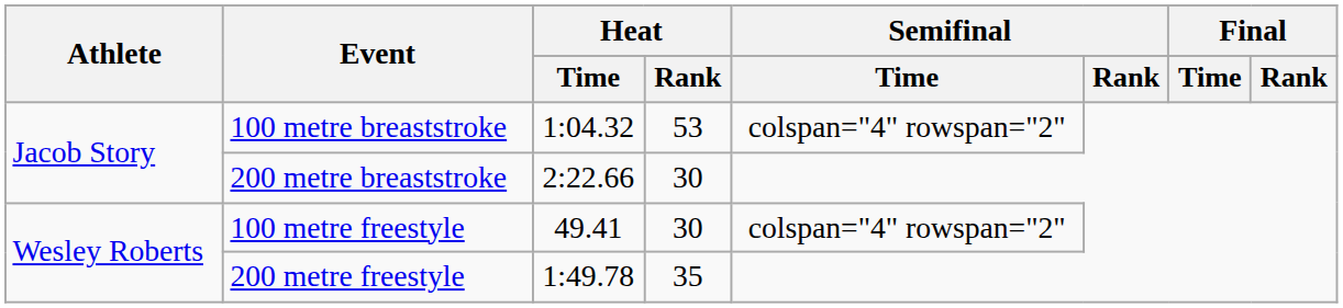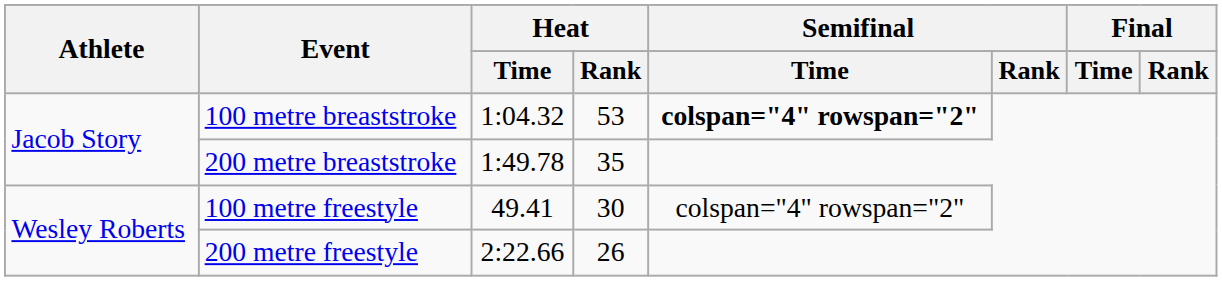 <table class="wikitable" style="text-align:center; font-size:90%; width:50%;">
 <tr>
 <th rowspan="2">Athlete</th>
 <th rowspan="2">Event</th>
 <th colspan="2">Heat</th>
 <th colspan="2">Semifinal</th>
 <th colspan="2">Final</th>
 </tr>
 <tr style="font-size:95%">
 <th>Time</th>
 <th>Rank</th>
 <th>Time</th>
 <th>Rank</th>
 <th>Time</th>
 <th>Rank</th>
 </tr>
 <tr>
 <td align=left rowspan=2><a href='#'>Jacob Story</a></td>
 <td align=left><a href='#'>100 metre breaststroke</a></td>
 <td>1:04.32</td>
 <td>53</td>
-<td>colspan="4" rowspan="2"  </td>
+<td><strong>colspan="4" rowspan="2"  </strong></td>
 </tr>
 <tr>
 <td align=left><a href='#'>200 metre breaststroke</a></td>
-<td>2:22.66</td>
-<td>30</td>
+<td>1:49.78</td>
+<td>35</td>
 </tr>
 <tr>
 <td align=left rowspan=2><a href='#'>Wesley Roberts</a></td>
 <td align=left><a href='#'>100 metre freestyle</a></td>
 <td>49.41</td>
 <td>30</td>
 <td>colspan="4" rowspan="2"  </td>
 </tr>
 <tr>
 <td align=left><a href='#'>200 metre freestyle</a></td>
-<td>1:49.78</td>
-<td>35</td>
+<td>2:22.66</td>
+<td>26</td>
 </tr>
 </table>
